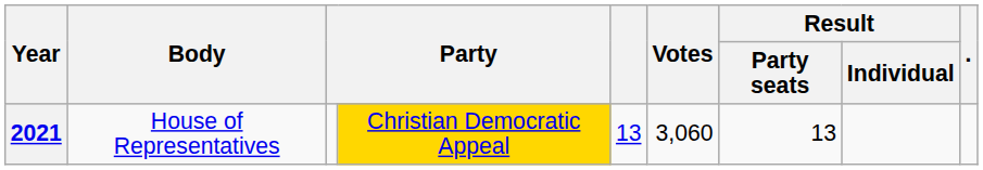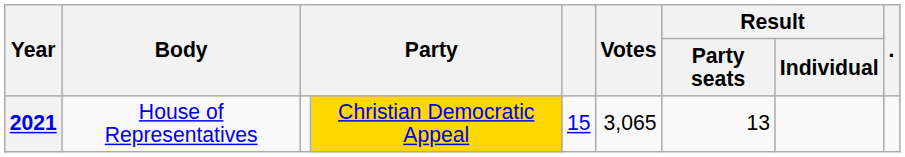 <table class="wikitable plainrowheaders sortable" border=2 cellpadding=4 cellspacing=0 style="border: 1px #aaa solid; font-size: 90%; text-align:center;">
 <tr>
 <th scope="col" rowspan=2>Year</th>
 <th scope="col" rowspan=2>Body</th>
 <th scope="col" colspan=2 rowspan=2>Party</th>
 <th scope="col" rowspan=2></th>
 <th scope="col" rowspan=2>Votes</th>
 <th scope="colgroup" colspan=2>Result</th>
 <th scope="col" rowspan=2 class="unsortable">.</th>
 </tr>
 <tr>
 <th scope="col">Party seats</th>
 <th scope="col">Individual</th>
 </tr>
 <tr>
 <th scope="row"><a href='#'>2021</a></th>
 <td><a href='#'>House of Representatives</a></td>
 <td style="background-color:"></td>
 <td style="background: gold;"><a href='#'>Christian Democratic Appeal</a></td>
-<td style=text-align:right><a href='#'>13</a></td>
-<td style=text-align:right>3,060</td>
+<td style=text-align:right><a href='#'>15</a></td>
+<td style=text-align:right>3,065</td>
 <td style=text-align:right>13</td>
 <td></td>
 <td></td>
 </tr>
 </table>
